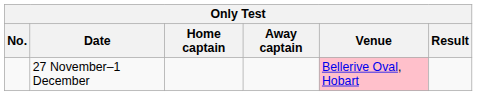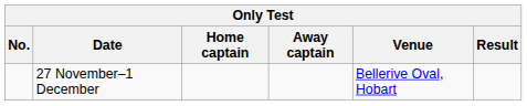 <table class="wikitable">
 <tr>
 <th colspan="9">Only Test</th>
 </tr>
 <tr>
 <th>No.</th>
 <th>Date</th>
 <th>Home captain</th>
 <th>Away captain</th>
 <th>Venue</th>
 <th>Result</th>
 </tr>
 <tr>
 <td></td>
 <td>27 November–1 December</td>
 <td></td>
 <td></td>
-<td style="background: pink;"><a href='#'>Bellerive Oval</a>, <a href='#'>Hobart</a></td>
+<td><a href='#'>Bellerive Oval</a>, <a href='#'>Hobart</a></td>
 <td></td>
 </tr>
 </table>
